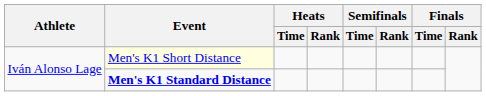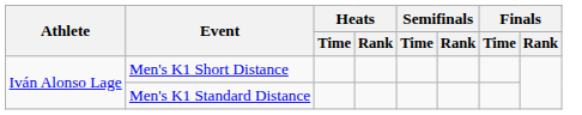 <table class="wikitable" style="font-size:90%">
 <tr>
 <th rowspan="2">Athlete</th>
 <th rowspan="2">Event</th>
 <th colspan=2>Heats</th>
 <th colspan=2>Semifinals</th>
 <th colspan=2>Finals</th>
 </tr>
 <tr style="font-size:95%">
 <th>Time</th>
 <th>Rank</th>
 <th>Time</th>
 <th>Rank</th>
 <th>Time</th>
 <th>Rank</th>
 </tr>
 <tr align=center>
 <td align=left rowspan=2><a href='#'>Iván Alonso Lage</a></td>
-<td align=left style="background: lightyellow;"><a href='#'>Men's K1 Short Distance</a></td>
+<td align=left><a href='#'>Men's K1 Short Distance</a></td>
 <td></td>
 <td></td>
 <td></td>
 <td></td>
 <td></td>
 </tr>
 <tr align=center>
-<td align=left><strong><a href='#'>Men's K1 Standard Distance</a></strong></td>
+<td align=left><a href='#'>Men's K1 Standard Distance</a></td>
 <td></td>
 <td></td>
 <td></td>
 <td></td>
 <td></td>
 </tr>
 </table>
